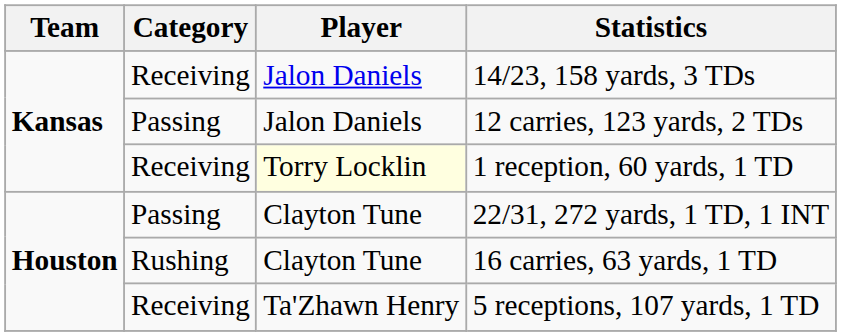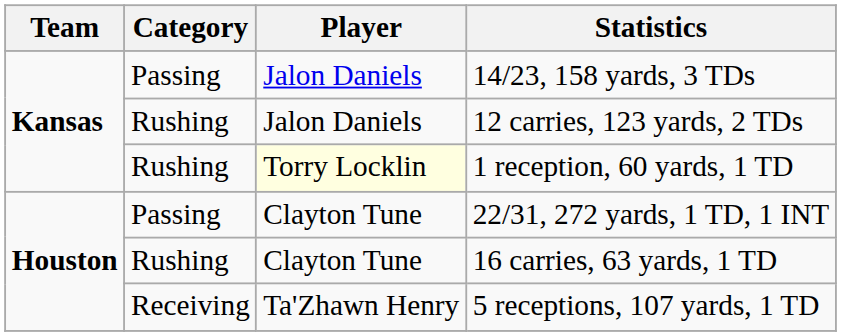 <table class="wikitable" style="float: right;">
 <tr>
 <th>Team</th>
 <th>Category</th>
 <th>Player</th>
 <th>Statistics</th>
 </tr>
 <tr>
 <td rowspan=3><strong>Kansas</strong></td>
-<td>Receiving</td>
+<td>Passing</td>
 <td><a href='#'>Jalon Daniels</a></td>
 <td>14/23, 158 yards, 3 TDs</td>
 </tr>
 <tr>
-<td>Passing</td>
+<td>Rushing</td>
 <td>Jalon Daniels</td>
 <td>12 carries, 123 yards, 2 TDs</td>
 </tr>
 <tr>
-<td>Receiving</td>
+<td>Rushing</td>
 <td style="background: lightyellow;">Torry Locklin</td>
 <td>1 reception, 60 yards, 1 TD</td>
 </tr>
 <tr>
 <td rowspan=3><strong>Houston</strong></td>
 <td>Passing</td>
 <td>Clayton Tune</td>
 <td>22/31, 272 yards, 1 TD, 1 INT</td>
 </tr>
 <tr>
 <td>Rushing</td>
 <td>Clayton Tune</td>
 <td>16 carries, 63 yards, 1 TD</td>
 </tr>
 <tr>
 <td>Receiving</td>
 <td>Ta'Zhawn Henry</td>
 <td>5 receptions, 107 yards, 1 TD</td>
 </tr>
 </table>
